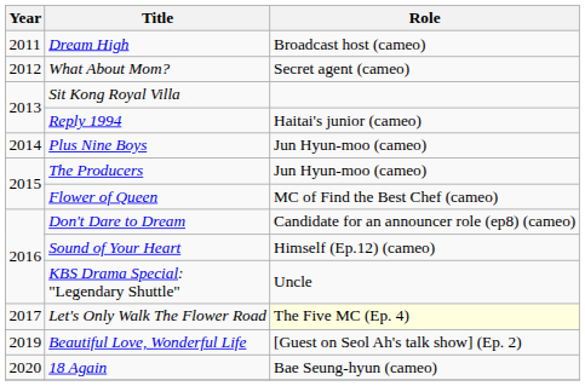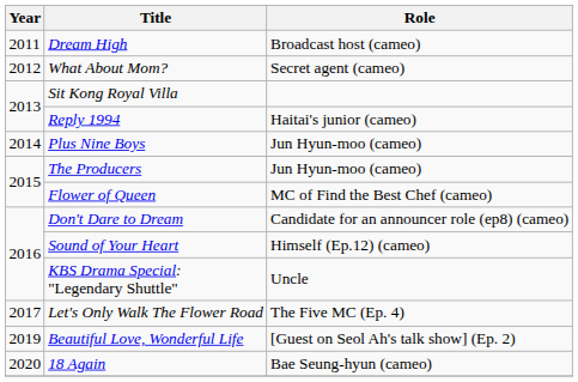 <table class="wikitable">
 <tr>
 <th>Year</th>
 <th>Title</th>
 <th>Role</th>
 </tr>
 <tr>
 <td>2011</td>
 <td><em><a href='#'>Dream High</a></em></td>
 <td>Broadcast host (cameo)</td>
 </tr>
 <tr>
 <td>2012</td>
 <td><em>What About Mom?	</em></td>
 <td>Secret agent (cameo)</td>
 </tr>
 <tr>
 <td rowspan="2">2013</td>
 <td><em>Sit Kong Royal Villa</em></td>
 <td></td>
 </tr>
 <tr>
 <td><em><a href='#'>Reply 1994</a></em></td>
 <td>Haitai's junior (cameo)</td>
 </tr>
 <tr>
 <td>2014</td>
 <td><em><a href='#'>Plus Nine Boys</a></em></td>
 <td>Jun Hyun-moo (cameo)</td>
 </tr>
 <tr>
 <td rowspan="2">2015</td>
 <td><em><a href='#'>The Producers</a></em></td>
 <td>Jun Hyun-moo (cameo)</td>
 </tr>
 <tr>
 <td><em><a href='#'>Flower of Queen</a></em></td>
 <td>MC of Find the Best Chef (cameo)</td>
 </tr>
 <tr>
 <td rowspan="3">2016</td>
 <td><em><a href='#'>Don't Dare to Dream</a></em></td>
 <td>Candidate for an announcer role (ep8) (cameo)</td>
 </tr>
 <tr>
 <td><em><a href='#'>Sound of Your Heart</a></em></td>
 <td>Himself (Ep.12)  (cameo)</td>
 </tr>
 <tr>
 <td><em><a href='#'>KBS Drama Special</a>:</em><br>"Legendary Shuttle"</td>
 <td>Uncle</td>
 </tr>
 <tr>
 <td>2017</td>
 <td><em>Let's Only Walk The Flower Road</em></td>
-<td style="background: lightyellow;">The Five MC (Ep. 4)</td>
+<td>The Five MC (Ep. 4)</td>
 </tr>
 <tr>
 <td>2019</td>
 <td><em><a href='#'>Beautiful Love, Wonderful Life</a></em></td>
 <td>[Guest on Seol Ah's talk show] (Ep. 2)</td>
 </tr>
 <tr>
 <td>2020</td>
 <td><em><a href='#'>18 Again</a></em></td>
 <td>Bae Seung-hyun (cameo)</td>
 </tr>
 <tr>
 </tr>
 </table>
